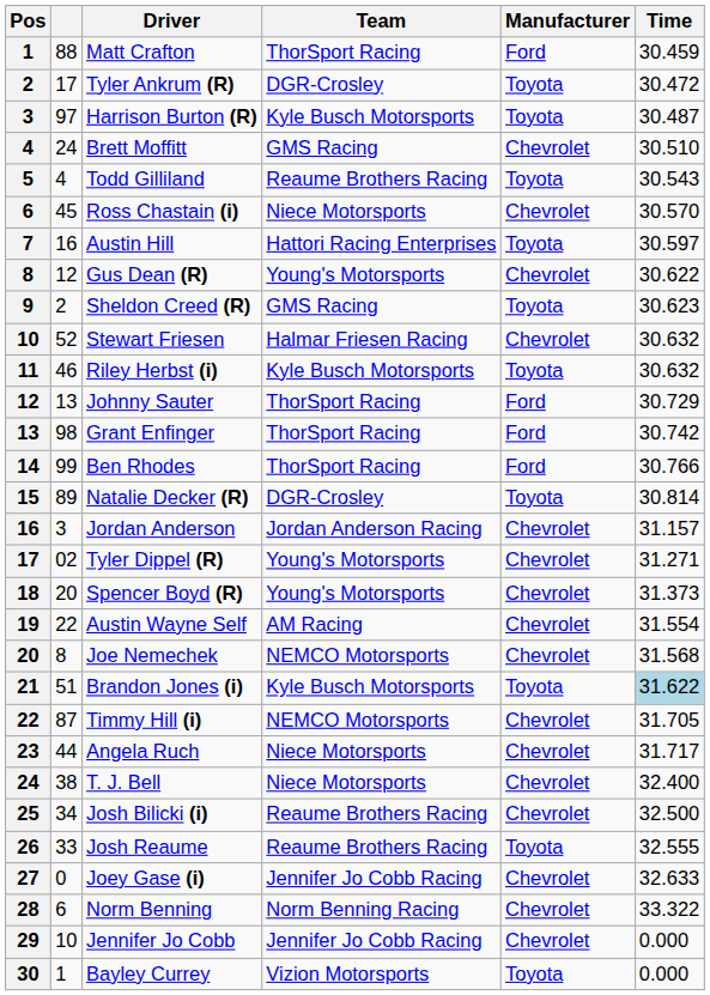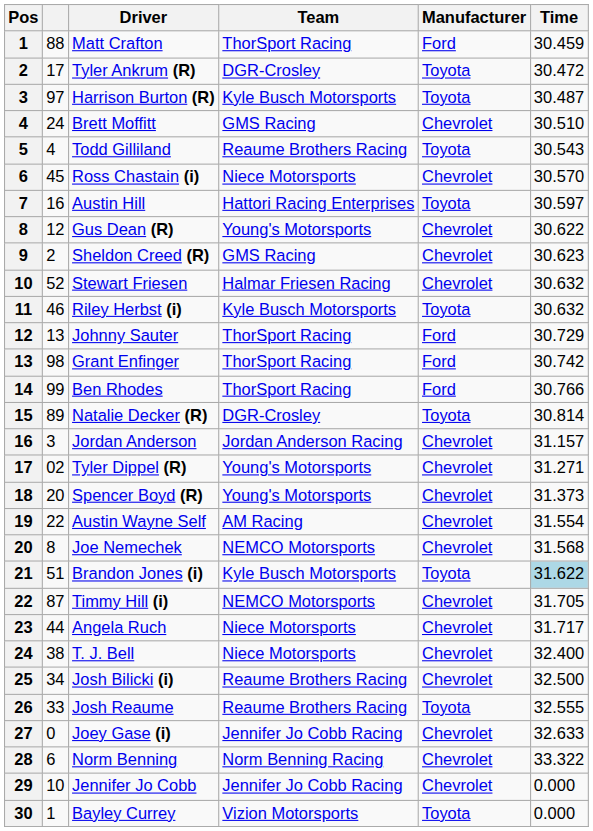 <table class="wikitable" style="font-size:98%">
 <tr>
 <th>Pos</th>
 <th></th>
 <th>Driver</th>
 <th>Team</th>
 <th>Manufacturer</th>
 <th>Time</th>
 </tr>
 <tr>
 <th>1</th>
 <td>88</td>
 <td><a href='#'>Matt Crafton</a></td>
 <td><a href='#'>ThorSport Racing</a></td>
 <td><a href='#'>Ford</a></td>
 <td>30.459</td>
 </tr>
 <tr>
 <th>2</th>
 <td>17</td>
 <td><a href='#'>Tyler Ankrum</a> <strong>(R)</strong></td>
 <td><a href='#'>DGR-Crosley</a></td>
 <td><a href='#'>Toyota</a></td>
 <td>30.472</td>
 </tr>
 <tr>
 <th>3</th>
 <td>97</td>
 <td><a href='#'>Harrison Burton</a> <strong>(R)</strong></td>
 <td><a href='#'>Kyle Busch Motorsports</a></td>
 <td><a href='#'>Toyota</a></td>
 <td>30.487</td>
 </tr>
 <tr>
 <th>4</th>
 <td>24</td>
 <td><a href='#'>Brett Moffitt</a></td>
 <td><a href='#'>GMS Racing</a></td>
 <td><a href='#'>Chevrolet</a></td>
 <td>30.510</td>
 </tr>
 <tr>
 <th>5</th>
 <td>4</td>
 <td><a href='#'>Todd Gilliland</a></td>
 <td><a href='#'>Reaume Brothers Racing</a></td>
 <td><a href='#'>Toyota</a></td>
 <td>30.543</td>
 </tr>
 <tr>
 <th>6</th>
 <td>45</td>
 <td><a href='#'>Ross Chastain</a> <strong>(i)</strong></td>
 <td><a href='#'>Niece Motorsports</a></td>
 <td><a href='#'>Chevrolet</a></td>
 <td>30.570</td>
 </tr>
 <tr>
 <th>7</th>
 <td>16</td>
 <td><a href='#'>Austin Hill</a></td>
 <td><a href='#'>Hattori Racing Enterprises</a></td>
 <td><a href='#'>Toyota</a></td>
 <td>30.597</td>
 </tr>
 <tr>
 <th>8</th>
 <td>12</td>
 <td><a href='#'>Gus Dean</a> <strong>(R)</strong></td>
 <td><a href='#'>Young's Motorsports</a></td>
 <td><a href='#'>Chevrolet</a></td>
 <td>30.622</td>
 </tr>
 <tr>
 <th>9</th>
 <td>2</td>
 <td><a href='#'>Sheldon Creed</a> <strong>(R)</strong></td>
 <td><a href='#'>GMS Racing</a></td>
-<td><a href='#'>Toyota</a></td>
+<td><a href='#'>Chevrolet</a></td>
 <td>30.623</td>
 </tr>
 <tr>
 <th>10</th>
 <td>52</td>
 <td><a href='#'>Stewart Friesen</a></td>
 <td><a href='#'>Halmar Friesen Racing</a></td>
 <td><a href='#'>Chevrolet</a></td>
 <td>30.632</td>
 </tr>
 <tr>
 <th>11</th>
 <td>46</td>
 <td><a href='#'>Riley Herbst</a> <strong>(i)</strong></td>
 <td><a href='#'>Kyle Busch Motorsports</a></td>
 <td><a href='#'>Toyota</a></td>
 <td>30.632</td>
 </tr>
 <tr>
 <th>12</th>
 <td>13</td>
 <td><a href='#'>Johnny Sauter</a></td>
 <td><a href='#'>ThorSport Racing</a></td>
 <td><a href='#'>Ford</a></td>
 <td>30.729</td>
 </tr>
 <tr>
 <th>13</th>
 <td>98</td>
 <td><a href='#'>Grant Enfinger</a></td>
 <td><a href='#'>ThorSport Racing</a></td>
 <td><a href='#'>Ford</a></td>
 <td>30.742</td>
 </tr>
 <tr>
 <th>14</th>
 <td>99</td>
 <td><a href='#'>Ben Rhodes</a></td>
 <td><a href='#'>ThorSport Racing</a></td>
 <td><a href='#'>Ford</a></td>
 <td>30.766</td>
 </tr>
 <tr>
 <th>15</th>
 <td>89</td>
 <td><a href='#'>Natalie Decker</a> <strong>(R)</strong></td>
 <td><a href='#'>DGR-Crosley</a></td>
 <td><a href='#'>Toyota</a></td>
 <td>30.814</td>
 </tr>
 <tr>
 <th>16</th>
 <td>3</td>
 <td><a href='#'>Jordan Anderson</a></td>
 <td><a href='#'>Jordan Anderson Racing</a></td>
 <td><a href='#'>Chevrolet</a></td>
 <td>31.157</td>
 </tr>
 <tr>
 <th>17</th>
 <td>02</td>
 <td><a href='#'>Tyler Dippel</a> <strong>(R)</strong></td>
 <td><a href='#'>Young's Motorsports</a></td>
 <td><a href='#'>Chevrolet</a></td>
 <td>31.271</td>
 </tr>
 <tr>
 <th>18</th>
 <td>20</td>
 <td><a href='#'>Spencer Boyd</a> <strong>(R)</strong></td>
 <td><a href='#'>Young's Motorsports</a></td>
 <td><a href='#'>Chevrolet</a></td>
 <td>31.373</td>
 </tr>
 <tr>
 <th>19</th>
 <td>22</td>
 <td><a href='#'>Austin Wayne Self</a></td>
 <td><a href='#'>AM Racing</a></td>
 <td><a href='#'>Chevrolet</a></td>
 <td>31.554</td>
 </tr>
 <tr>
 <th>20</th>
 <td>8</td>
 <td><a href='#'>Joe Nemechek</a></td>
 <td><a href='#'>NEMCO Motorsports</a></td>
 <td><a href='#'>Chevrolet</a></td>
 <td>31.568</td>
 </tr>
 <tr>
 <th>21</th>
 <td>51</td>
 <td><a href='#'>Brandon Jones</a> <strong>(i)</strong></td>
 <td><a href='#'>Kyle Busch Motorsports</a></td>
 <td><a href='#'>Toyota</a></td>
 <td style="background: lightblue;">31.622</td>
 </tr>
 <tr>
 <th>22</th>
 <td>87</td>
 <td><a href='#'>Timmy Hill</a> <strong>(i)</strong></td>
 <td><a href='#'>NEMCO Motorsports</a></td>
 <td><a href='#'>Chevrolet</a></td>
 <td>31.705</td>
 </tr>
 <tr>
 <th>23</th>
 <td>44</td>
 <td><a href='#'>Angela Ruch</a></td>
 <td><a href='#'>Niece Motorsports</a></td>
 <td><a href='#'>Chevrolet</a></td>
 <td>31.717</td>
 </tr>
 <tr>
 <th>24</th>
 <td>38</td>
 <td><a href='#'>T. J. Bell</a></td>
 <td><a href='#'>Niece Motorsports</a></td>
 <td><a href='#'>Chevrolet</a></td>
 <td>32.400</td>
 </tr>
 <tr>
 <th>25</th>
 <td>34</td>
 <td><a href='#'>Josh Bilicki</a> <strong>(i)</strong></td>
 <td><a href='#'>Reaume Brothers Racing</a></td>
 <td><a href='#'>Chevrolet</a></td>
 <td>32.500</td>
 </tr>
 <tr>
 <th>26</th>
 <td>33</td>
 <td><a href='#'>Josh Reaume</a></td>
 <td><a href='#'>Reaume Brothers Racing</a></td>
 <td><a href='#'>Toyota</a></td>
 <td>32.555</td>
 </tr>
 <tr>
 <th>27</th>
 <td>0</td>
 <td><a href='#'>Joey Gase</a> <strong>(i)</strong></td>
 <td><a href='#'>Jennifer Jo Cobb Racing</a></td>
 <td><a href='#'>Chevrolet</a></td>
 <td>32.633</td>
 </tr>
 <tr>
 <th>28</th>
 <td>6</td>
 <td><a href='#'>Norm Benning</a></td>
 <td><a href='#'>Norm Benning Racing</a></td>
 <td><a href='#'>Chevrolet</a></td>
 <td>33.322</td>
 </tr>
 <tr>
 <th>29</th>
 <td>10</td>
 <td><a href='#'>Jennifer Jo Cobb</a></td>
 <td><a href='#'>Jennifer Jo Cobb Racing</a></td>
 <td><a href='#'>Chevrolet</a></td>
 <td>0.000</td>
 </tr>
 <tr>
 <th>30</th>
 <td>1</td>
 <td><a href='#'>Bayley Currey</a></td>
 <td><a href='#'>Vizion Motorsports</a></td>
 <td><a href='#'>Toyota</a></td>
 <td>0.000</td>
 </tr>
 <tr>
 </tr>
 </table>
